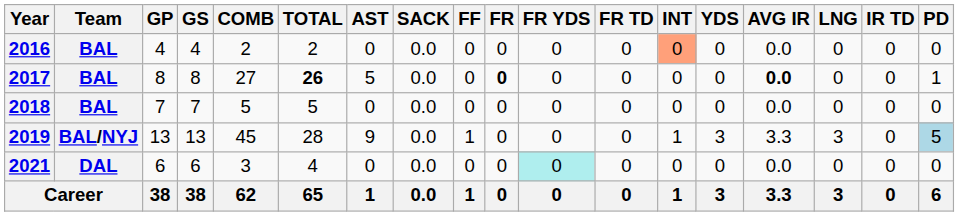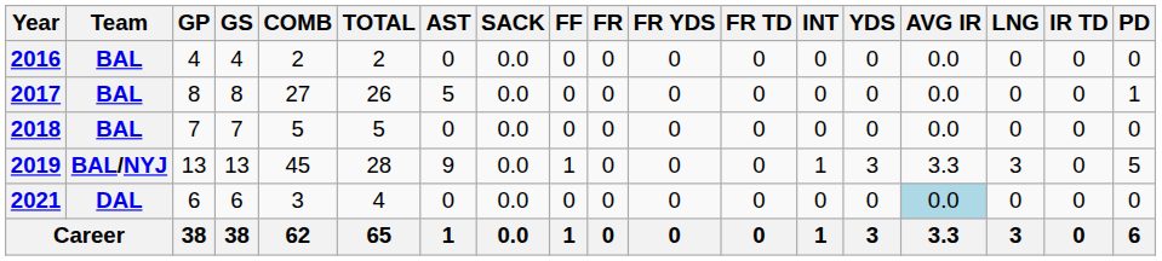 <table class="wikitable" style="text-align:center">
 <tr>
 <th>Year</th>
 <th>Team</th>
 <th>GP</th>
 <th>GS</th>
 <th>COMB</th>
 <th>TOTAL</th>
 <th>AST</th>
 <th>SACK</th>
 <th>FF</th>
 <th>FR</th>
 <th>FR YDS</th>
 <th>FR TD</th>
 <th>INT</th>
 <th>YDS</th>
 <th>AVG IR</th>
 <th>LNG</th>
 <th>IR TD</th>
 <th>PD</th>
 </tr>
 <tr>
 <th><a href='#'>2016</a></th>
 <th><a href='#'>BAL</a></th>
 <td>4</td>
 <td>4</td>
 <td>2</td>
 <td>2</td>
 <td>0</td>
 <td>0.0</td>
 <td>0</td>
 <td>0</td>
 <td>0</td>
 <td>0</td>
-<td style="background: lightsalmon;">0</td>
+<td>0</td>
 <td>0</td>
 <td>0.0</td>
 <td>0</td>
 <td>0</td>
 <td>0</td>
 </tr>
 <tr>
 <th><a href='#'>2017</a></th>
 <th><a href='#'>BAL</a></th>
 <td>8</td>
 <td>8</td>
 <td>27</td>
-<td><strong>26</strong></td>
+<td>26</td>
 <td>5</td>
 <td>0.0</td>
-<td>0</td>
-<td><strong>0</strong></td>
 <td>0</td>
 <td>0</td>
 <td>0</td>
 <td>0</td>
-<td><strong>0.0</strong></td>
+<td>0</td>
+<td>0</td>
+<td>0.0</td>
 <td>0</td>
 <td>0</td>
 <td>1</td>
 </tr>
 <tr>
 <th><a href='#'>2018</a></th>
 <th><a href='#'>BAL</a></th>
 <td>7</td>
 <td>7</td>
 <td>5</td>
 <td>5</td>
 <td>0</td>
 <td>0.0</td>
 <td>0</td>
 <td>0</td>
 <td>0</td>
 <td>0</td>
 <td>0</td>
 <td>0</td>
 <td>0.0</td>
 <td>0</td>
 <td>0</td>
 <td>0</td>
 </tr>
 <tr>
 <th><a href='#'>2019</a></th>
 <th><a href='#'>BAL</a>/<a href='#'>NYJ</a></th>
 <td>13</td>
 <td>13</td>
 <td>45</td>
 <td>28</td>
 <td>9</td>
 <td>0.0</td>
 <td>1</td>
 <td>0</td>
 <td>0</td>
 <td>0</td>
 <td>1</td>
 <td>3</td>
 <td>3.3</td>
 <td>3</td>
 <td>0</td>
-<td style="background: lightblue;">5</td>
+<td>5</td>
 </tr>
 <tr>
 <th><a href='#'>2021</a></th>
 <th><a href='#'>DAL</a></th>
 <td>6</td>
 <td>6</td>
 <td>3</td>
 <td>4</td>
 <td>0</td>
 <td>0.0</td>
 <td>0</td>
 <td>0</td>
-<td style="background: paleturquoise;">0</td>
 <td>0</td>
 <td>0</td>
 <td>0</td>
-<td>0.0</td>
+<td>0</td>
+<td style="background: lightblue;">0.0</td>
 <td>0</td>
 <td>0</td>
 <td>0</td>
 </tr>
 <tr>
 <th colspan="2">Career</th>
 <th>38</th>
 <th>38</th>
 <th>62</th>
 <th>65</th>
 <th>1</th>
 <th>0.0</th>
 <th>1</th>
 <th>0</th>
 <th>0</th>
 <th>0</th>
 <th>1</th>
 <th>3</th>
 <th>3.3</th>
 <th>3</th>
 <th>0</th>
 <th>6</th>
 </tr>
 </table>
